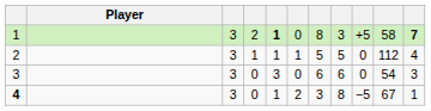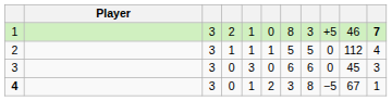 <table class="wikitable" style="text-align:center; margin: 1em auto 1em auto, align:left">
 <tr>
 <th width=20></th>
 <th width=240>Player</th>
 <th width=20></th>
 <th width=20></th>
 <th width=20></th>
 <th width=20></th>
 <th width=20></th>
 <th width=20></th>
 <th width=20></th>
 <th width=30></th>
 <th width=20></th>
 </tr>
 <tr style="background:#D0F0C0;">
 <td>1</td>
 <td align=left></td>
 <td>3</td>
 <td>2</td>
-<td><strong>1</strong></td>
+<td>1</td>
 <td>0</td>
 <td>8</td>
 <td>3</td>
 <td>+5</td>
-<td>58</td>
+<td>46</td>
 <td><strong>7</strong></td>
 </tr>
 <tr style=>
 <td>2</td>
 <td align=left></td>
 <td>3</td>
 <td>1</td>
 <td>1</td>
 <td>1</td>
 <td>5</td>
 <td>5</td>
 <td>0</td>
 <td>112</td>
 <td>4</td>
 </tr>
 <tr style=>
 <td>3</td>
 <td align=left></td>
 <td>3</td>
 <td>0</td>
 <td>3</td>
 <td>0</td>
 <td>6</td>
 <td>6</td>
 <td>0</td>
-<td>54</td>
+<td>45</td>
 <td>3</td>
 </tr>
 <tr style=>
 <td><strong>4</strong></td>
 <td align=left></td>
 <td>3</td>
 <td>0</td>
 <td>1</td>
 <td>2</td>
 <td>3</td>
 <td>8</td>
 <td>−5</td>
 <td>67</td>
 <td>1</td>
 </tr>
 </table>
